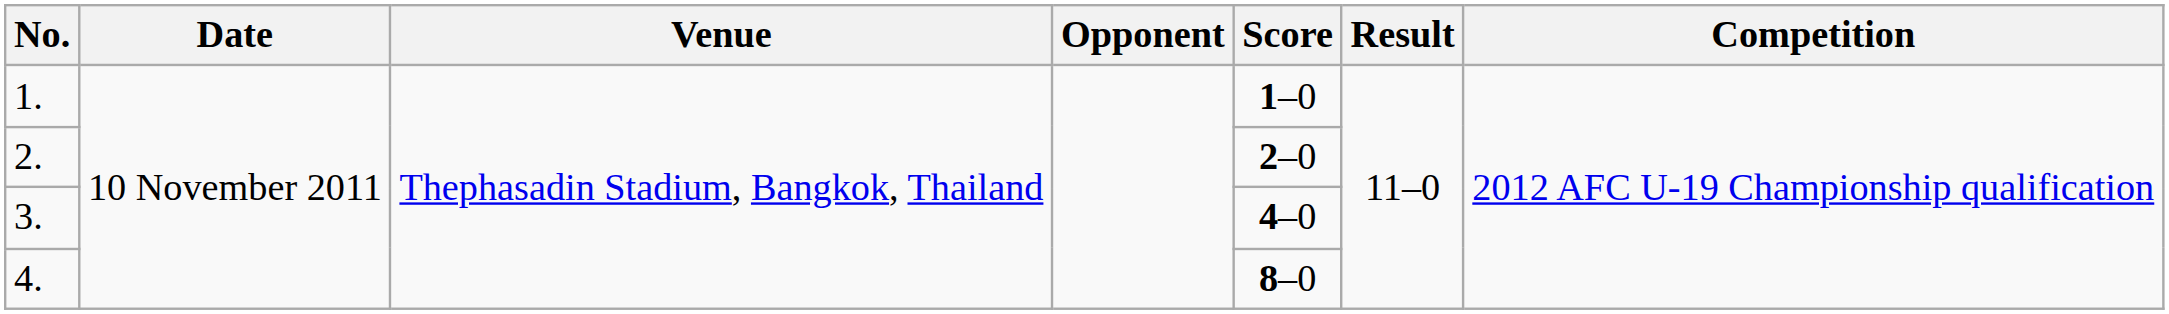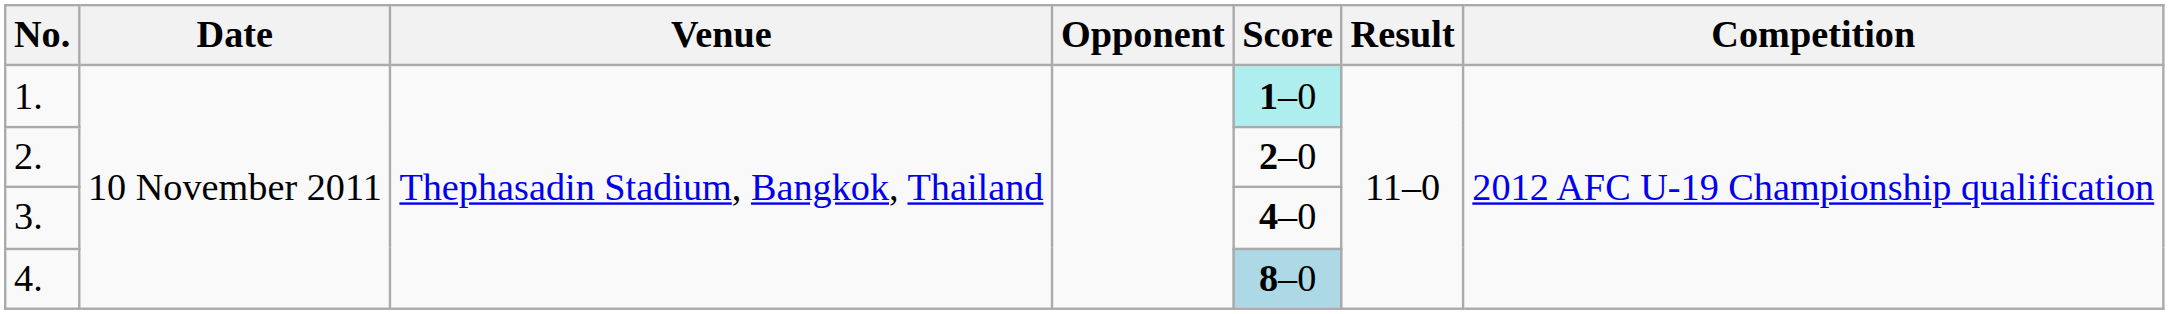 <table class="wikitable">
 <tr>
 <th>No.</th>
 <th>Date</th>
 <th>Venue</th>
 <th>Opponent</th>
 <th>Score</th>
 <th>Result</th>
 <th>Competition</th>
 </tr>
 <tr>
 <td>1.</td>
 <td rowspan=4>10 November 2011</td>
 <td rowspan=4><a href='#'>Thephasadin Stadium</a>, <a href='#'>Bangkok</a>, <a href='#'>Thailand</a></td>
 <td rowspan=4></td>
-<td align=center><strong>1</strong>–0</td>
+<td align=center style="background: paleturquoise;"><strong>1</strong>–0</td>
 <td rowspan=4 align=center>11–0</td>
 <td rowspan=4><a href='#'>2012 AFC U-19 Championship qualification</a></td>
 </tr>
 <tr>
 <td>2.</td>
 <td align=center><strong>2</strong>–0</td>
 </tr>
 <tr>
 <td>3.</td>
 <td align=center><strong>4</strong>–0</td>
 </tr>
 <tr>
 <td>4.</td>
-<td align=center><strong>8</strong>–0</td>
+<td align=center style="background: lightblue;"><strong>8</strong>–0</td>
 </tr>
 </table>
